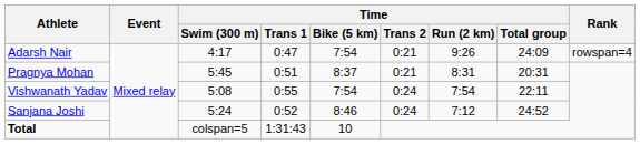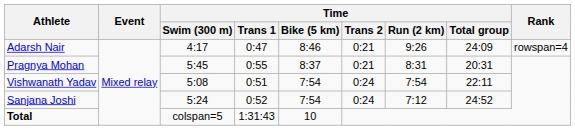 <table class="wikitable" style="font-size:90%;text-align:center;">
 <tr>
 <th rowspan=2>Athlete</th>
 <th rowspan=2>Event</th>
 <th colspan=6>Time</th>
 <th rowspan=2>Rank</th>
 </tr>
 <tr>
 <th>Swim (300 m)</th>
 <th>Trans 1</th>
 <th>Bike (5 km)</th>
 <th>Trans 2</th>
 <th>Run (2 km)</th>
 <th>Total group</th>
 </tr>
 <tr>
 <td align=left><a href='#'>Adarsh Nair</a></td>
 <td align=left rowspan=5><a href='#'>Mixed relay</a></td>
 <td>4:17</td>
 <td>0:47</td>
-<td>7:54</td>
+<td>8:46</td>
 <td>0:21</td>
 <td>9:26</td>
 <td>24:09</td>
 <td>rowspan=4 </td>
 </tr>
 <tr>
 <td align=left><a href='#'>Pragnya Mohan</a></td>
 <td>5:45</td>
-<td>0:51</td>
+<td>0:55</td>
 <td>8:37</td>
 <td>0:21</td>
 <td>8:31</td>
 <td>20:31</td>
 </tr>
 <tr>
 <td align=left><a href='#'>Vishwanath Yadav</a></td>
 <td>5:08</td>
-<td>0:55</td>
+<td>0:51</td>
 <td>7:54</td>
 <td>0:24</td>
 <td>7:54</td>
 <td>22:11</td>
 </tr>
 <tr>
 <td align=left><a href='#'>Sanjana Joshi</a></td>
 <td>5:24</td>
 <td>0:52</td>
-<td>8:46</td>
+<td>7:54</td>
 <td>0:24</td>
 <td>7:12</td>
 <td>24:52</td>
 </tr>
 <tr>
 <td align=left><strong>Total</strong></td>
 <td>colspan=5 </td>
 <td>1:31:43</td>
 <td>10</td>
 </tr>
 </table>
